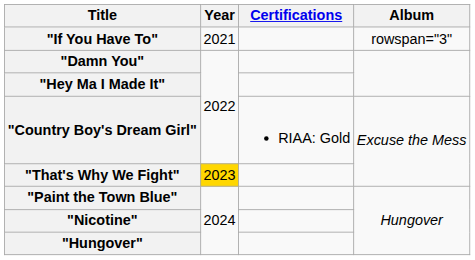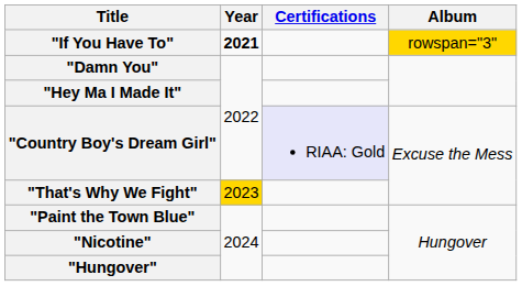 <table class="wikitable plainrowheaders" style="text-align:center;">
 <tr>
 <th scope="col">Title</th>
 <th scope="col">Year</th>
 <th scope="col"><a href='#'>Certifications</a></th>
 <th scope="col">Album</th>
 </tr>
 <tr>
 <th scope="row">"If You Have To"</th>
-<td>2021</td>
+<td><strong>2021</strong></td>
 <td></td>
-<td>rowspan="3" </td>
+<td style="background: gold;">rowspan="3" </td>
 </tr>
 <tr>
 <th scope="row">"Damn You"</th>
 <td rowspan="3">2022</td>
 <td></td>
 </tr>
 <tr>
 <th scope="row">"Hey Ma I Made It"</th>
 <td></td>
 </tr>
 <tr>
 <th scope="row">"Country Boy's Dream Girl"</th>
-<td><br><ul><li>RIAA: Gold</li></ul></td>
+<td style="background: lavender;"><br><ul><li>RIAA: Gold</li></ul></td>
 <td rowspan="2"><em>Excuse the Mess</em></td>
 </tr>
 <tr>
 <th scope="row">"That's Why We Fight"<br></th>
 <td style="background: gold;">2023</td>
 <td></td>
 </tr>
 <tr>
 <th scope="row">"Paint the Town Blue"</th>
 <td rowspan="3">2024</td>
 <td></td>
 <td rowspan="3"><em>Hungover</em></td>
 </tr>
 <tr>
 <th scope="row">"Nicotine"</th>
 <td></td>
 </tr>
 <tr>
 <th scope="row">"Hungover"</th>
 <td></td>
 </tr>
 </table>
